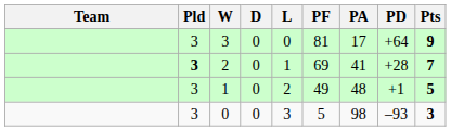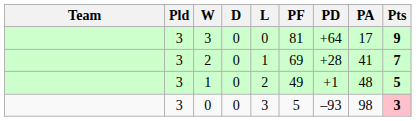 <table class="wikitable" style="text-align:center;">
 <tr>
 <th width=175>Team</th>
 <th width=25 abbr="Played">Pld</th>
 <th width=25 abbr="Won">W</th>
 <th width=25 abbr="Drawn">D</th>
 <th width=25 abbr="Lost">L</th>
 <th width=32 abbr="Points for">PF</th>
+<th width=32 abbr="Points difference">PD</th>
 <th width=32 abbr="Points against">PA</th>
-<th width=32 abbr="Points difference">PD</th>
 <th width=25 abbr="Points">Pts</th>
 </tr>
 <tr bgcolor=ccffcc>
 <td align=left></td>
 <td>3</td>
 <td>3</td>
 <td>0</td>
 <td>0</td>
 <td>81</td>
+<td>+64</td>
 <td>17</td>
-<td>+64</td>
 <td><strong>9</strong></td>
 </tr>
 <tr bgcolor=ccffcc>
 <td align=left></td>
-<td><strong>3</strong></td>
+<td>3</td>
 <td>2</td>
 <td>0</td>
 <td>1</td>
 <td>69</td>
+<td>+28</td>
 <td>41</td>
-<td>+28</td>
 <td><strong>7</strong></td>
 </tr>
 <tr bgcolor=ccffcc>
 <td align=left></td>
 <td>3</td>
 <td>1</td>
 <td>0</td>
 <td>2</td>
 <td>49</td>
+<td>+1</td>
 <td>48</td>
-<td>+1</td>
 <td><strong>5</strong></td>
 </tr>
 <tr>
 <td align=left></td>
 <td>3</td>
 <td>0</td>
 <td>0</td>
 <td>3</td>
 <td>5</td>
+<td>–93</td>
 <td>98</td>
-<td>–93</td>
-<td><strong>3</strong></td>
+<td style="background: pink;"><strong>3</strong></td>
 </tr>
 </table>
